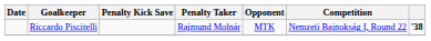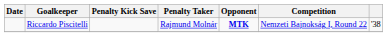 <table class="wikitable sortable sticky-header" style="text-align:center; font-size:85%;">
 <tr>
 <th>Date</th>
 <th>Goalkeeper</th>
 <th>Penalty Kick Save</th>
 <th>Penalty Taker</th>
 <th>Opponent</th>
 <th>Competition</th>
 <th></th>
 </tr>
 <tr>
 <td></td>
 <td><a href='#'>Riccardo Piscitelli</a></td>
 <td></td>
 <td><a href='#'>Rajmund Molnár</a></td>
-<td><a href='#'>MTK</a></td>
+<td><strong><a href='#'>MTK</a></strong></td>
 <td><a href='#'>Nemzeti Bajnokság I, Round 22</a></td>
-<td><strong> '38</strong></td>
+<td> '38</td>
 </tr>
 <tr>
 </tr>
 </table>
